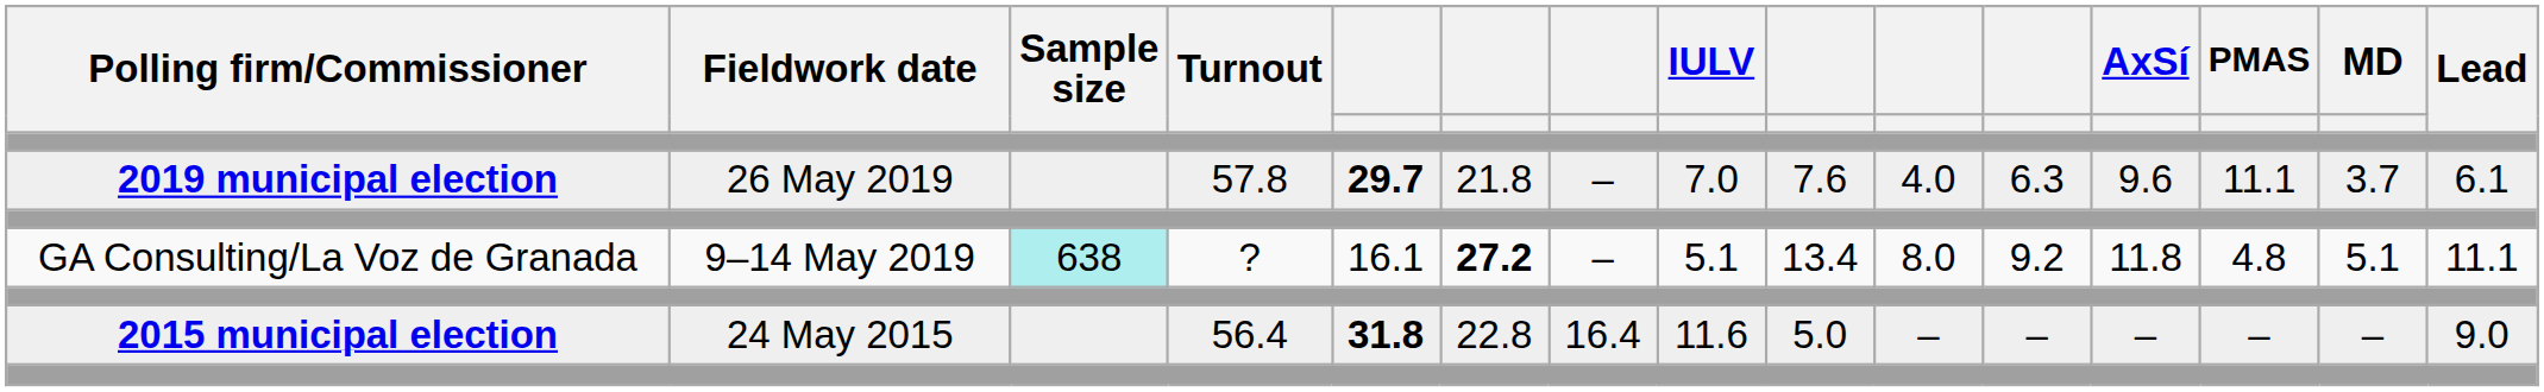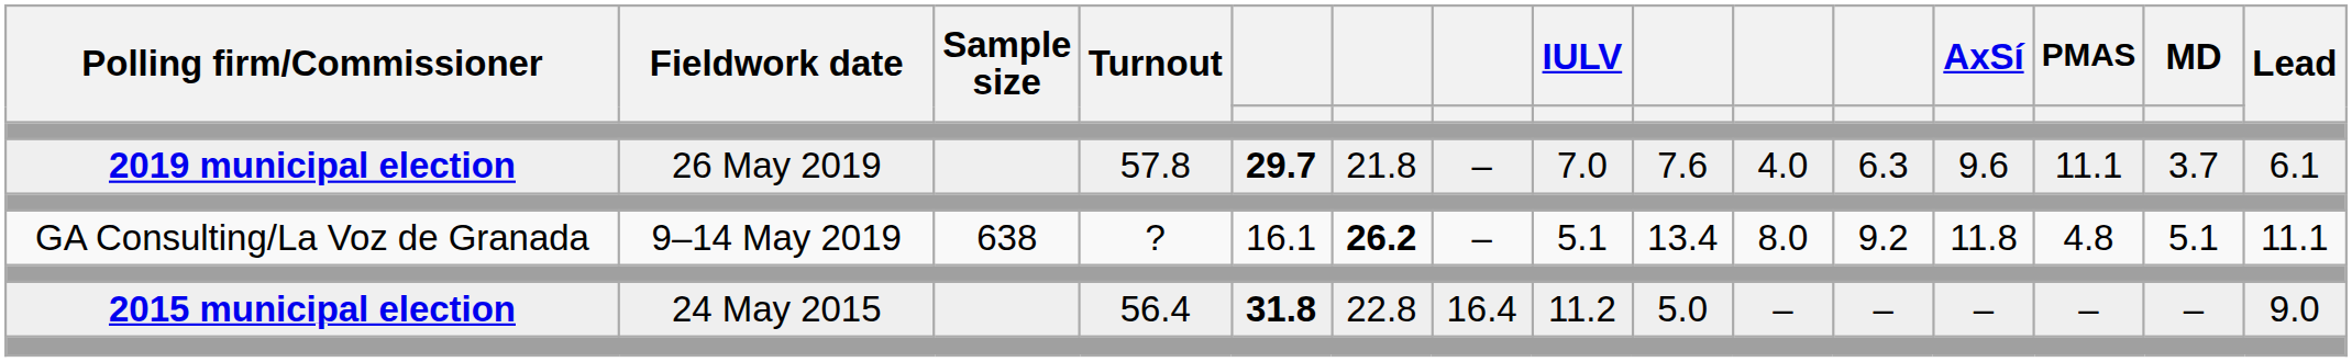 <table class="wikitable collapsible collapsed" style="text-align:center; font-size:95%; line-height:16px;">
 <tr style="height:42px;">
 <th style="width:250px;" rowspan="2">Polling firm/Commissioner</th>
 <th style="width:125px;" rowspan="2">Fieldwork date</th>
 <th style="width:50px;" rowspan="2">Sample size</th>
 <th style="width:45px;" rowspan="2">Turnout</th>
 <th style="width:35px;"></th>
 <th style="width:35px;"></th>
 <th style="width:35px;"></th>
 <th style="width:35px;"><a href='#'>IULV</a></th>
 <th style="width:35px;"></th>
 <th style="width:35px;"></th>
 <th style="width:35px;"></th>
 <th style="width:35px;"><a href='#'>AxSí</a></th>
 <th style="width:35px; font-size:90%;">PMAS</th>
 <th style="width:35px;">MD</th>
 <th style="width:30px;" rowspan="2">Lead</th>
 </tr>
 <tr>
 <th style="color:inherit;background:"></th>
 <th style="color:inherit;background:"></th>
 <th style="color:inherit;background:"></th>
 <th style="color:inherit;background:"></th>
 <th style="color:inherit;background:"></th>
 <th style="color:inherit;background:"></th>
 <th style="color:inherit;background:"></th>
 <th style="color:inherit;background:"></th>
 <th style="color:inherit;background:"></th>
 <th style="color:inherit;background:"></th>
 </tr>
 <tr>
 <td colspan="15" style="background:#A0A0A0"></td>
 </tr>
 <tr style="background:#EFEFEF;">
 <td><strong><a href='#'>2019 municipal election</a></strong></td>
 <td>26 May 2019</td>
 <td></td>
 <td>57.8</td>
 <td><strong>29.7</strong><br></td>
 <td>21.8<br></td>
 <td>–</td>
 <td>7.0<br></td>
 <td>7.6<br></td>
 <td>4.0<br></td>
 <td>6.3<br></td>
 <td>9.6<br></td>
 <td>11.1<br></td>
 <td>3.7<br></td>
 <td style="background:">6.1</td>
 </tr>
 <tr>
 <td colspan="15" style="background:#A0A0A0"></td>
 </tr>
 <tr>
 <td>GA Consulting/La Voz de Granada</td>
 <td>9–14 May 2019</td>
-<td style="background: paleturquoise;">638</td>
+<td>638</td>
 <td>?</td>
 <td>16.1<br></td>
-<td><strong>27.2</strong><br></td>
+<td><strong>26.2</strong><br></td>
 <td>–</td>
 <td>5.1<br></td>
 <td>13.4<br></td>
 <td>8.0<br></td>
 <td>9.2<br></td>
 <td>11.8<br></td>
 <td>4.8<br></td>
 <td>5.1<br></td>
 <td style="background:">11.1</td>
 </tr>
 <tr>
 <td colspan="15" style="background:#A0A0A0"></td>
 </tr>
 <tr style="background:#EFEFEF;">
 <td><strong><a href='#'>2015 municipal election</a></strong></td>
 <td>24 May 2015</td>
 <td></td>
 <td>56.4</td>
 <td><strong>31.8</strong><br></td>
 <td>22.8<br></td>
 <td>16.4<br></td>
-<td>11.6<br></td>
+<td>11.2<br></td>
 <td>5.0<br></td>
 <td>–</td>
 <td>–</td>
 <td>–</td>
 <td>–</td>
 <td>–</td>
 <td style="background:">9.0</td>
 </tr>
 <tr>
 <td colspan="15" style="background:#A0A0A0"></td>
 </tr>
 </table>
